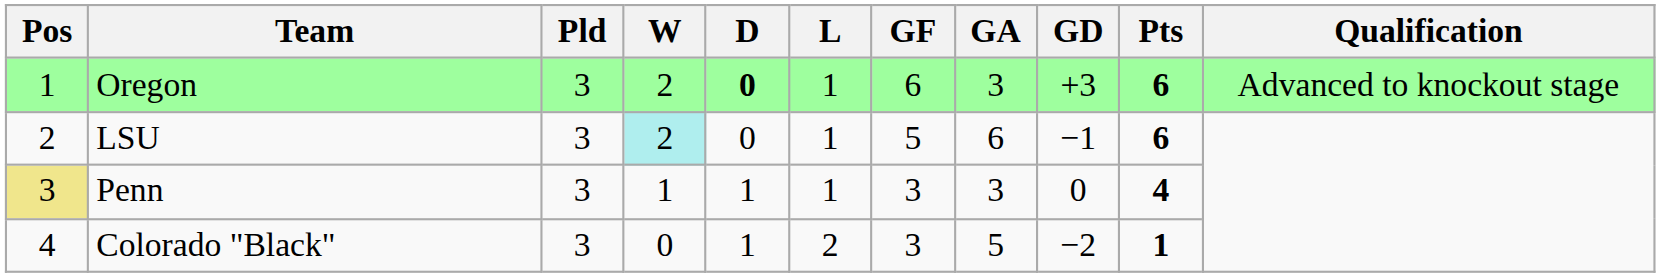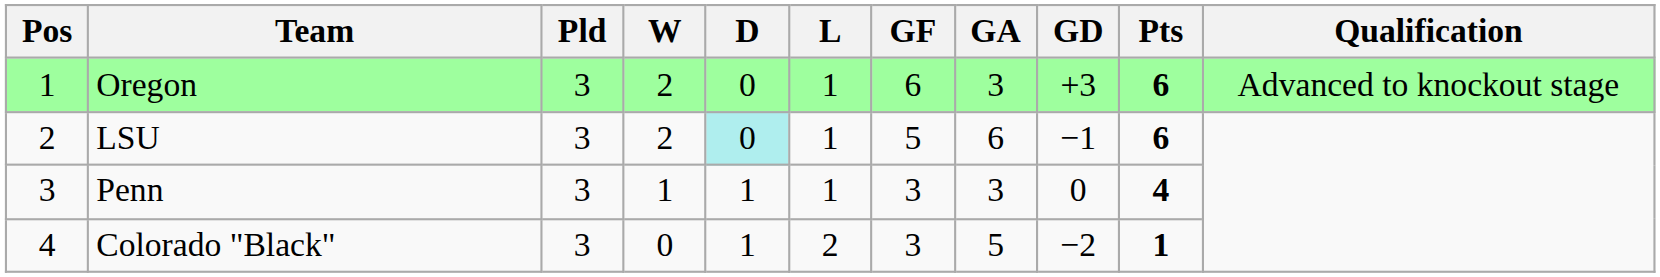 <table class="wikitable" style="text-align:center; margin: 1em auto">
 <tr>
 <th style="width:2em">Pos</th>
 <th style="width:13em">Team</th>
 <th style="width:2em">Pld</th>
 <th style="width:2em">W</th>
 <th style="width:2em">D</th>
 <th style="width:2em">L</th>
 <th style="width:2em">GF</th>
 <th style="width:2em">GA</th>
 <th style="width:2em">GD</th>
 <th style="width:2em">Pts</th>
 <th style="width:13em">Qualification</th>
 </tr>
 <tr bgcolor="#9eff9e">
 <td>1</td>
 <td style="text-align:left">Oregon</td>
 <td>3</td>
 <td>2</td>
-<td><strong>0</strong></td>
+<td>0</td>
 <td>1</td>
 <td>6</td>
 <td>3</td>
 <td>+3</td>
 <td><strong>6</strong></td>
 <td>Advanced to knockout stage</td>
 </tr>
 <tr>
 <td>2</td>
 <td style="text-align:left">LSU</td>
 <td>3</td>
-<td style="background: paleturquoise;">2</td>
-<td>0</td>
+<td>2</td>
+<td style="background: paleturquoise;">0</td>
 <td>1</td>
 <td>5</td>
 <td>6</td>
 <td>−1</td>
 <td><strong>6</strong></td>
 <td rowspan="3"></td>
 </tr>
 <tr>
-<td style="background: khaki;">3</td>
+<td>3</td>
 <td style="text-align:left">Penn</td>
 <td>3</td>
 <td>1</td>
 <td>1</td>
 <td>1</td>
 <td>3</td>
 <td>3</td>
 <td>0</td>
 <td><strong>4</strong></td>
 </tr>
 <tr>
 <td>4</td>
 <td style="text-align:left">Colorado "Black"</td>
 <td>3</td>
 <td>0</td>
 <td>1</td>
 <td>2</td>
 <td>3</td>
 <td>5</td>
 <td>−2</td>
 <td><strong>1</strong></td>
 </tr>
 </table>
